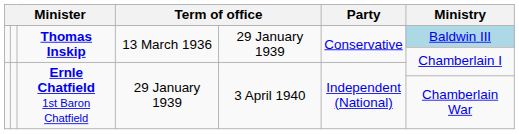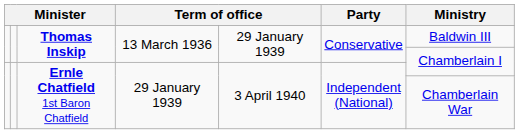 <table class="wikitable" style="text-align:center">
 <tr>
 <th colspan="3">Minister</th>
 <th colspan="2">Term of office</th>
 <th>Party</th>
 <th>Ministry</th>
 </tr>
 <tr style="height:1em">
 <td rowspan="2" style="background-color:"></td>
 <td rowspan="2"></td>
 <td rowspan="2"><a href='#'><strong>Thomas Inskip</strong></a><br></td>
 <td rowspan="2">13 March 1936</td>
 <td rowspan="2">29 January 1939</td>
 <td rowspan="2" ><a href='#'>Conservative</a></td>
-<td style="background: lightblue;"><a href='#'>Baldwin III</a></td>
+<td><a href='#'>Baldwin III</a></td>
 </tr>
 <tr style="height:1em">
 <td rowspan="2" ><a href='#'>Chamberlain I</a></td>
 </tr>
 <tr style="height:1em">
 <td rowspan="2" style="background-color:"></td>
 <td rowspan="2"></td>
 <td rowspan="2"><a href='#'><strong>Ernle Chatfield</strong><br><small>1st Baron Chatfield</small></a><br></td>
 <td rowspan="2">29 January 1939</td>
 <td rowspan="2">3 April 1940</td>
 <td rowspan="2" ><a href='#'>Independent<br>(National)</a></td>
 </tr>
 <tr>
 <td><a href='#'>Chamberlain War</a></td>
 </tr>
 </table>
